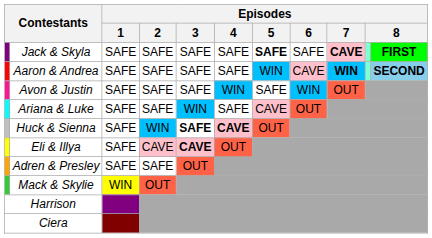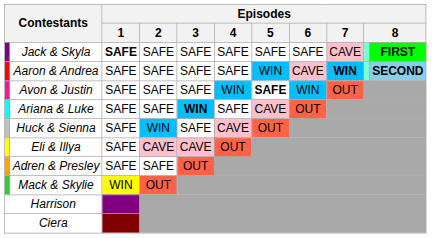 <table class="wikitable" style="text-align:center; background:white">
 <tr>
 <th colspan=2 rowspan=2>Contestants</th>
 <th colspan=13>Episodes</th>
 </tr>
 <tr>
 <th>1</th>
 <th>2</th>
 <th>3</th>
 <th>4</th>
 <th>5</th>
 <th>6</th>
 <th>7</th>
 <th colspan=2>8</th>
 </tr>
 <tr>
 <td style="background:purple"></td>
 <td nowrap><em>Jack & Skyla</em></td>
+<td><strong>SAFE</strong></td>
 <td>SAFE</td>
 <td>SAFE</td>
 <td>SAFE</td>
 <td>SAFE</td>
-<td><strong>SAFE</strong></td>
 <td>SAFE</td>
-<td style="background:pink"><strong>CAVE</strong></td>
+<td style="background:pink">CAVE</td>
 <td bgcolor="aquamarine"></td>
 <td style="background:lime;"><strong>FIRST</strong></td>
 </tr>
 <tr>
 <td style="background:red"></td>
 <td nowrap><em>Aaron & Andrea</em></td>
 <td>SAFE</td>
 <td>SAFE</td>
 <td>SAFE</td>
 <td>SAFE</td>
 <td bgcolor="deepskyblue">WIN</td>
 <td style="background:pink">CAVE</td>
 <td bgcolor="deepskyblue"><strong>WIN</strong></td>
 <td bgcolor="aquamarine"></td>
 <td style="background:skyblue;"><strong>SECOND</strong></td>
 </tr>
 <tr>
 <td style="background:deeppink"></td>
 <td nowrap><em>Avon & Justin</em></td>
 <td>SAFE</td>
 <td>SAFE</td>
 <td>SAFE</td>
 <td bgcolor="deepskyblue">WIN</td>
-<td>SAFE</td>
+<td><strong>SAFE</strong></td>
 <td bgcolor="deepskyblue">WIN</td>
 <td style="background:tomato;">OUT</td>
 <td bgcolor="darkgray" colspan=2></td>
 </tr>
 <tr>
 <td style="background:cyan"></td>
 <td nowrap><em>Ariana & Luke</em></td>
 <td>SAFE</td>
 <td>SAFE</td>
-<td bgcolor="deepskyblue">WIN</td>
+<td bgcolor="deepskyblue"><strong>WIN</strong></td>
 <td>SAFE</td>
 <td style="background:pink">CAVE</td>
 <td style="background:tomato;">OUT</td>
 <td bgcolor="darkgray" colspan=3></td>
 </tr>
 <tr>
 <td style="background:silver"></td>
 <td nowrap><em>Huck & Sienna</em></td>
 <td>SAFE</td>
 <td bgcolor="deepskyblue">WIN</td>
-<td><strong>SAFE</strong></td>
-<td style="background:pink"><strong>CAVE</strong></td>
+<td>SAFE</td>
+<td style="background:pink">CAVE</td>
 <td style="background:tomato;">OUT</td>
 <td bgcolor="darkgray" colspan=4></td>
 </tr>
 <tr>
 <td style="background:yellow"></td>
 <td nowrap><em>Eli & Illya</em></td>
 <td>SAFE</td>
 <td style="background:pink">CAVE</td>
-<td style="background:pink"><strong>CAVE</strong></td>
+<td style="background:pink">CAVE</td>
 <td style="background:tomato;">OUT</td>
 <td bgcolor="darkgray" colspan=5></td>
 </tr>
 <tr>
 <td style="background:orange"></td>
 <td nowrap><em>Adren & Presley</em></td>
 <td>SAFE</td>
 <td>SAFE</td>
 <td style="background:tomato;">OUT</td>
 <td bgcolor="darkgray" colspan=6></td>
 </tr>
 <tr>
 <td style="background:limegreen"></td>
 <td nowrap><em>Mack & Skylie</em></td>
 <td bgcolor="yellow">WIN</td>
 <td style="background:tomato;">OUT</td>
 <td bgcolor="darkgray" colspan=7></td>
 </tr>
 <tr>
 <td colspan="2"><em>Harrison</em></td>
 <td bgcolor="purple"></td>
 <td bgcolor="darkgray" colspan=8></td>
 </tr>
 <tr>
 <td colspan="2"><em>Ciera</em></td>
 <td bgcolor="maroon"></td>
 <td bgcolor="darkgray" colspan=8></td>
 </tr>
 </table>
